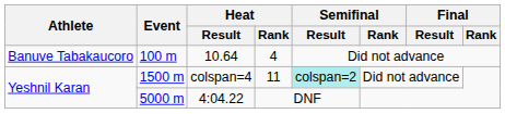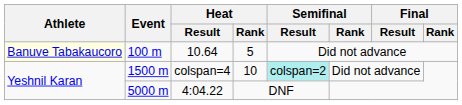 <table class="wikitable" style="font-size:90%; text-align:center">
 <tr>
 <th rowspan=2>Athlete</th>
 <th rowspan=2>Event</th>
 <th colspan=2>Heat</th>
 <th colspan=2>Semifinal</th>
 <th colspan=2>Final</th>
 </tr>
 <tr style="font-size:95%">
 <th>Result</th>
 <th>Rank</th>
 <th>Result</th>
 <th>Rank</th>
 <th>Result</th>
 <th>Rank</th>
 </tr>
 <tr>
-<td align=left rowspan=1><a href='#'>Banuve Tabakaucoro</a></td>
+<td align=left rowspan=1 style="background: lightyellow;"><a href='#'>Banuve Tabakaucoro</a></td>
 <td align=left><a href='#'>100 m</a></td>
 <td>10.64</td>
-<td>4</td>
+<td>5</td>
 <td colspan=4>Did not advance</td>
 </tr>
 <tr>
 <td align=left rowspan=2><a href='#'>Yeshnil Karan</a></td>
 <td align=left><a href='#'>1500 m</a></td>
 <td>colspan=4 </td>
-<td>11</td>
+<td>10</td>
 <td style="background: paleturquoise;">colspan=2 </td>
 <td colspan=2>Did not advance</td>
 </tr>
 <tr>
 <td align=left><a href='#'>5000 m</a></td>
 <td>4:04.22</td>
 <td colspan=2>DNF</td>
 </tr>
 </table>
